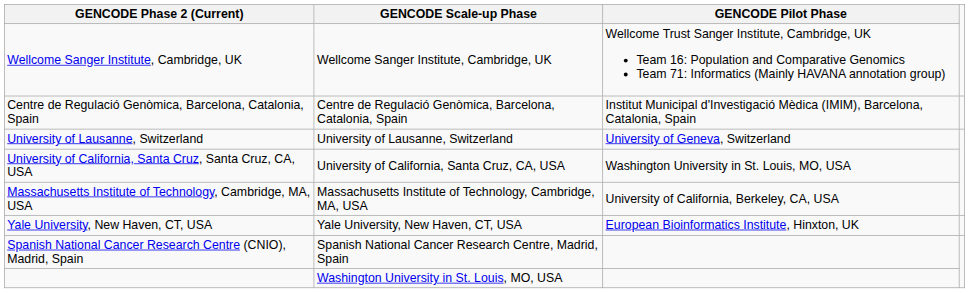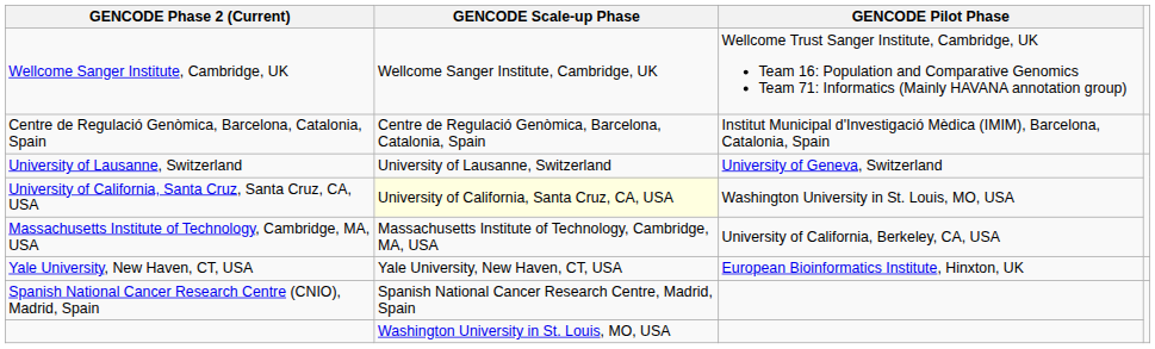 <table class="wikitable">
 <tr>
 <th><strong>GENCODE Phase 2 (Current)</strong></th>
 <th><strong>GENCODE Scale-up Phase</strong></th>
 <th><strong>GENCODE Pilot Phase</strong></th>
 </tr>
 <tr>
 <td><a href='#'>Wellcome Sanger Institute</a>, Cambridge, UK</td>
 <td>Wellcome Sanger Institute, Cambridge, UK</td>
 <td>Wellcome Trust Sanger Institute, Cambridge, UK<br><ul><li>Team 16: Population and Comparative Genomics</li><li>Team 71: Informatics (Mainly HAVANA annotation group)</li></ul></td>
 </tr>
 <tr>
 <td>Centre de Regulació Genòmica, Barcelona, Catalonia, Spain</td>
 <td>Centre de Regulació Genòmica, Barcelona, Catalonia, Spain</td>
 <td>Institut Municipal d'Investigació Mèdica (IMIM), Barcelona, Catalonia, Spain</td>
 <td></td>
 </tr>
 <tr>
 <td><a href='#'>University of Lausanne</a>, Switzerland</td>
 <td>University of Lausanne, Switzerland</td>
 <td><a href='#'>University of Geneva</a>, Switzerland</td>
 </tr>
 <tr>
 <td><a href='#'>University of California, Santa Cruz</a>, Santa Cruz, CA, USA</td>
-<td>University of California, Santa Cruz, CA, USA</td>
+<td style="background: lightyellow;">University of California, Santa Cruz, CA, USA</td>
 <td>Washington University in St. Louis, MO, USA</td>
 </tr>
 <tr>
 <td><a href='#'>Massachusetts Institute of Technology</a>, Cambridge, MA, USA</td>
 <td>Massachusetts Institute of Technology, Cambridge, MA, USA</td>
 <td>University of California, Berkeley, CA, USA</td>
 </tr>
 <tr>
 <td><a href='#'>Yale University</a>, New Haven, CT, USA</td>
 <td>Yale University, New Haven, CT, USA</td>
 <td><a href='#'>European Bioinformatics Institute</a>, Hinxton, UK</td>
 <td></td>
 </tr>
 <tr>
 <td><a href='#'>Spanish National Cancer Research Centre</a> (CNIO), Madrid, Spain</td>
 <td>Spanish National Cancer Research Centre, Madrid, Spain</td>
 <td></td>
 </tr>
 <tr>
 <td></td>
 <td><a href='#'>Washington University in St. Louis</a>, MO, USA</td>
 <td></td>
 </tr>
 </table>
